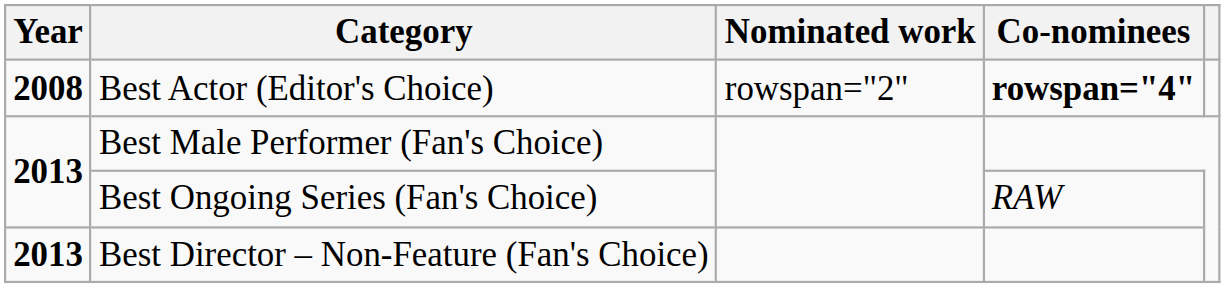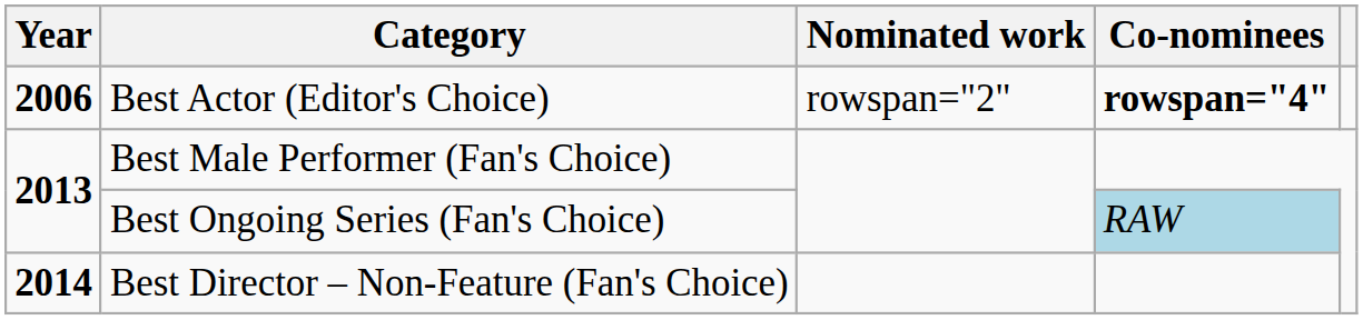 <table class="wikitable">
 <tr>
 <th>Year</th>
 <th>Category</th>
 <th>Nominated work</th>
 <th>Co-nominees</th>
 <th></th>
 </tr>
 <tr>
-<td><strong>2008</strong></td>
+<td><strong>2006</strong></td>
 <td>Best Actor (Editor's Choice)</td>
 <td>rowspan="2" </td>
 <td><strong>rowspan="4" </strong></td>
 <td></td>
 </tr>
 <tr>
 <td rowspan="2"><strong>2013</strong></td>
 <td>Best Male Performer (Fan's Choice)</td>
 <td rowspan="2"></td>
 </tr>
 <tr>
 <td>Best Ongoing Series (Fan's Choice)</td>
-<td><em>RAW</em></td>
+<td style="background: lightblue;"><em>RAW</em></td>
 </tr>
 <tr>
-<td><strong>2013</strong></td>
+<td><strong>2014</strong></td>
 <td>Best Director – Non-Feature (Fan's Choice)</td>
 <td></td>
 <td></td>
 </tr>
 </table>
